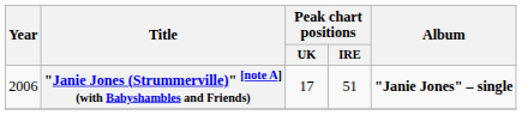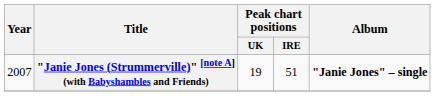 <table class="wikitable plainrowheaders" style="text-align:center;">
 <tr>
 <th scope="col" rowspan="2">Year</th>
 <th scope="col" rowspan="2">Title</th>
 <th scope="col" colspan="2">Peak chart<br>positions</th>
 <th scope="col" rowspan="2">Album</th>
 </tr>
 <tr>
 <th scope="col" style="width:3em;font-size:85%;">UK<br></th>
 <th scope="col" style="width:3em;font-size:85%;">IRE<br></th>
 </tr>
 <tr>
-<td>2006</td>
+<td>2007</td>
 <th scope="row">"<a href='#'>Janie Jones (Strummerville)</a>" <sup><span></span><a href='#'>[note A</a>]</sup><br><small>(with <a href='#'>Babyshambles</a> and Friends)</small></th>
-<td>17</td>
+<td>19</td>
 <td>51</td>
 <td><strong>"Janie Jones" – single</strong></td>
 </tr>
 <tr>
 </tr>
 </table>
